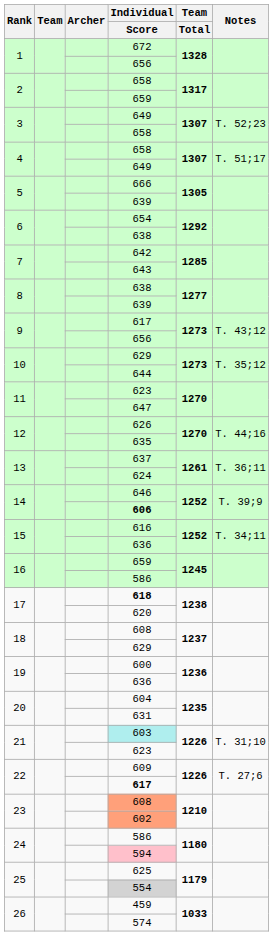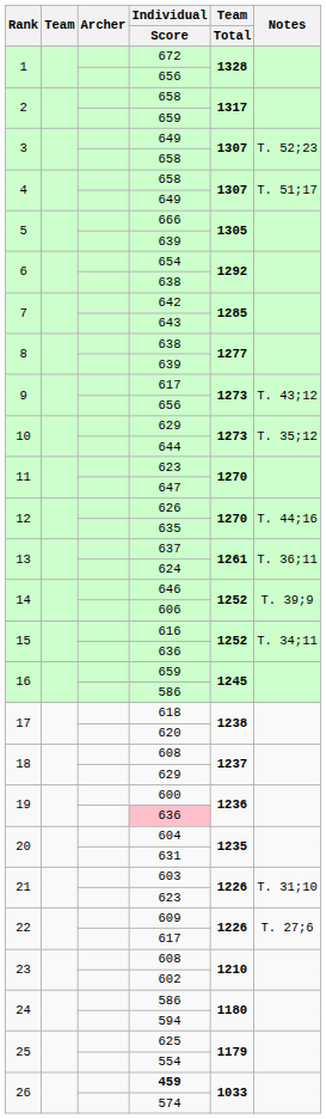 <table class="wikitable sortable" style="font-size:100%; text-align:center;">
 <tr>
 <th rowspan="2">Rank</th>
 <th rowspan="2">Team</th>
 <th rowspan="2">Archer</th>
 <th colspan="1">Individual</th>
 <th colspan="1">Team</th>
 <th rowspan="2">Notes</th>
 </tr>
 <tr>
 <th>Score</th>
 <th>Total</th>
 </tr>
 <tr bgcolor="#ccffcc">
 <td rowspan="2">1</td>
 <td align="left" rowspan="2"></td>
 <td align="left"></td>
 <td>672</td>
 <td rowspan="2"><strong>1328</strong></td>
 <td rowspan="2"></td>
 </tr>
 <tr bgcolor="#ccffcc">
 <td align="left"></td>
 <td>656</td>
 </tr>
 <tr bgcolor="#ccffcc">
 <td rowspan="2">2</td>
 <td align="left" rowspan="2"></td>
 <td align="left"></td>
 <td>658</td>
 <td rowspan="2"><strong>1317</strong></td>
 <td rowspan="2"></td>
 </tr>
 <tr bgcolor="#ccffcc">
 <td align="left"></td>
 <td>659</td>
 </tr>
 <tr bgcolor="#ccffcc">
 <td rowspan="2">3</td>
 <td align="left" rowspan="2"></td>
 <td align="left"></td>
 <td>649</td>
 <td rowspan="2"><strong>1307</strong></td>
 <td rowspan="2">T. 52;23</td>
 </tr>
 <tr bgcolor="#ccffcc">
 <td align="left"></td>
 <td>658</td>
 </tr>
 <tr bgcolor="#ccffcc">
 <td rowspan="2">4</td>
 <td align="left" rowspan="2"></td>
 <td align="left"></td>
 <td>658</td>
 <td rowspan="2"><strong>1307</strong></td>
 <td rowspan="2">T. 51;17</td>
 </tr>
 <tr bgcolor="#ccffcc">
 <td align="left"></td>
 <td>649</td>
 </tr>
 <tr bgcolor="#ccffcc">
 <td rowspan="2">5</td>
 <td align="left" rowspan="2"></td>
 <td align="left"></td>
 <td>666</td>
 <td rowspan="2"><strong>1305</strong></td>
 <td rowspan="2"></td>
 </tr>
 <tr bgcolor="#ccffcc">
 <td align="left"></td>
 <td>639</td>
 </tr>
 <tr bgcolor="#ccffcc">
 <td rowspan="2">6</td>
 <td align="left" rowspan="2"></td>
 <td align="left"></td>
 <td>654</td>
 <td rowspan="2"><strong>1292</strong></td>
 <td rowspan="2"></td>
 </tr>
 <tr bgcolor="#ccffcc">
 <td align="left"></td>
 <td>638</td>
 </tr>
 <tr bgcolor="#ccffcc">
 <td rowspan="2">7</td>
 <td align="left" rowspan="2"></td>
 <td align="left"></td>
 <td>642</td>
 <td rowspan="2"><strong>1285</strong></td>
 <td rowspan="2"></td>
 </tr>
 <tr bgcolor="#ccffcc">
 <td align="left"></td>
 <td>643</td>
 </tr>
 <tr bgcolor="#ccffcc">
 <td rowspan="2">8</td>
 <td align="left" rowspan="2"></td>
 <td align="left"></td>
 <td>638</td>
 <td rowspan="2"><strong>1277</strong></td>
 <td rowspan="2"></td>
 </tr>
 <tr bgcolor="#ccffcc">
 <td align="left"></td>
 <td>639</td>
 </tr>
 <tr bgcolor="#ccffcc">
 <td rowspan="2">9</td>
 <td align="left" rowspan="2"></td>
 <td align="left"></td>
 <td>617</td>
 <td rowspan="2"><strong>1273</strong></td>
 <td rowspan="2">T. 43;12</td>
 </tr>
 <tr bgcolor="#ccffcc">
 <td align="left"></td>
 <td>656</td>
 </tr>
 <tr bgcolor="#ccffcc">
 <td rowspan="2">10</td>
 <td align="left" rowspan="2"></td>
 <td align="left"></td>
 <td>629</td>
 <td rowspan="2"><strong>1273</strong></td>
 <td rowspan="2">T. 35;12</td>
 </tr>
 <tr bgcolor="#ccffcc">
 <td align="left"></td>
 <td>644</td>
 </tr>
 <tr bgcolor="#ccffcc">
 <td rowspan="2">11</td>
 <td align="left" rowspan="2"></td>
 <td align="left"></td>
 <td>623</td>
 <td rowspan="2"><strong>1270</strong></td>
 <td rowspan="2"></td>
 </tr>
 <tr bgcolor="#ccffcc">
 <td align="left"></td>
 <td>647</td>
 </tr>
 <tr bgcolor="#ccffcc">
 <td rowspan="2">12</td>
 <td align="left" rowspan="2"></td>
 <td align="left"></td>
 <td>626</td>
 <td rowspan="2"><strong>1270</strong></td>
 <td rowspan="2">T. 44;16</td>
 </tr>
 <tr bgcolor="#ccffcc">
 <td align="left"></td>
 <td>635</td>
 </tr>
 <tr bgcolor="#ccffcc">
 <td rowspan="2">13</td>
 <td align="left" rowspan="2"></td>
 <td align="left"></td>
 <td>637</td>
 <td rowspan="2"><strong>1261</strong></td>
 <td rowspan="2">T. 36;11</td>
 </tr>
 <tr bgcolor="#ccffcc">
 <td align="left"></td>
 <td>624</td>
 </tr>
 <tr bgcolor="#ccffcc">
 <td rowspan="2">14</td>
 <td align="left" rowspan="2"></td>
 <td align="left"></td>
 <td>646</td>
 <td rowspan="2"><strong>1252</strong></td>
 <td rowspan="2">T. 39;9</td>
 </tr>
 <tr bgcolor="#ccffcc">
 <td align="left"></td>
-<td><strong>606</strong></td>
+<td>606</td>
 </tr>
 <tr bgcolor="#ccffcc">
 <td rowspan="2">15</td>
 <td align="left" rowspan="2"></td>
 <td align="left"></td>
 <td>616</td>
 <td rowspan="2"><strong>1252</strong></td>
 <td rowspan="2">T. 34;11</td>
 </tr>
 <tr bgcolor="#ccffcc">
 <td align="left"></td>
 <td>636</td>
 </tr>
 <tr bgcolor="#ccffcc">
 <td rowspan="2">16</td>
 <td align="left" rowspan="2"></td>
 <td align="left"></td>
 <td>659</td>
 <td rowspan="2"><strong>1245</strong></td>
 <td rowspan="2"></td>
 </tr>
 <tr bgcolor="#ccffcc">
 <td align="left"></td>
 <td>586</td>
 </tr>
 <tr>
 <td rowspan="2">17</td>
 <td align="left" rowspan="2"></td>
 <td align="left"></td>
-<td><strong>618</strong></td>
+<td>618</td>
 <td rowspan="2"><strong>1238</strong></td>
 <td rowspan="2"></td>
 </tr>
 <tr>
 <td align="left"></td>
 <td>620</td>
 </tr>
 <tr>
 <td rowspan="2">18</td>
 <td align="left" rowspan="2"></td>
 <td align="left"></td>
 <td>608</td>
 <td rowspan="2"><strong>1237</strong></td>
 <td rowspan="2"></td>
 </tr>
 <tr>
 <td align="left"></td>
 <td>629</td>
 </tr>
 <tr>
 <td rowspan="2">19</td>
 <td align="left" rowspan="2"></td>
 <td align="left"></td>
 <td>600</td>
 <td rowspan="2"><strong>1236</strong></td>
 <td rowspan="2"></td>
 </tr>
 <tr>
 <td align="left"></td>
-<td>636</td>
+<td style="background: pink;">636</td>
 </tr>
 <tr>
 <td rowspan="2">20</td>
 <td align="left" rowspan="2"></td>
 <td align="left"></td>
 <td>604</td>
 <td rowspan="2"><strong>1235</strong></td>
 <td rowspan="2"></td>
 </tr>
 <tr>
 <td align="left"></td>
 <td>631</td>
 </tr>
 <tr>
 <td rowspan="2">21</td>
 <td align="left" rowspan="2"></td>
 <td align="left"></td>
-<td style="background: paleturquoise;">603</td>
+<td>603</td>
 <td rowspan="2"><strong>1226</strong></td>
 <td rowspan="2">T. 31;10</td>
 </tr>
 <tr>
 <td align="left"></td>
 <td>623</td>
 </tr>
 <tr>
 <td rowspan="2">22</td>
 <td align="left" rowspan="2"></td>
 <td align="left"></td>
 <td>609</td>
 <td rowspan="2"><strong>1226</strong></td>
 <td rowspan="2">T. 27;6</td>
 </tr>
 <tr>
 <td align="left"></td>
-<td><strong>617</strong></td>
+<td>617</td>
 </tr>
 <tr>
 <td rowspan="2">23</td>
 <td align="left" rowspan="2"></td>
 <td align="left"></td>
-<td style="background: lightsalmon;">608</td>
+<td>608</td>
 <td rowspan="2"><strong>1210</strong></td>
 <td rowspan="2"></td>
 </tr>
 <tr>
 <td align="left"></td>
-<td style="background: lightsalmon;">602</td>
+<td>602</td>
 </tr>
 <tr>
 <td rowspan="2">24</td>
 <td align="left" rowspan="2"></td>
 <td align="left"></td>
 <td>586</td>
 <td rowspan="2"><strong>1180</strong></td>
 <td rowspan="2"></td>
 </tr>
 <tr>
 <td align="left"></td>
-<td style="background: pink;">594</td>
+<td>594</td>
 </tr>
 <tr>
 <td rowspan="2">25</td>
 <td align="left" rowspan="2"></td>
 <td align="left"></td>
 <td>625</td>
 <td rowspan="2"><strong>1179</strong></td>
 <td rowspan="2"></td>
 </tr>
 <tr>
 <td align="left"></td>
-<td style="background: lightgrey;">554</td>
+<td>554</td>
 </tr>
 <tr>
 <td rowspan="2">26</td>
 <td align="left" rowspan="2"></td>
 <td align="left"></td>
-<td>459</td>
+<td><strong>459</strong></td>
 <td rowspan="2"><strong>1033</strong></td>
 <td rowspan="2"></td>
 </tr>
 <tr>
 <td align="left"></td>
 <td>574</td>
 </tr>
 </table>
